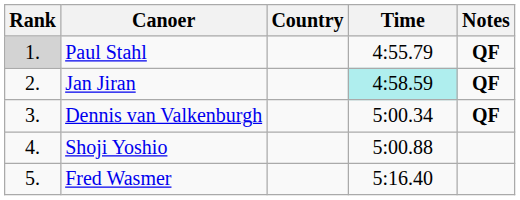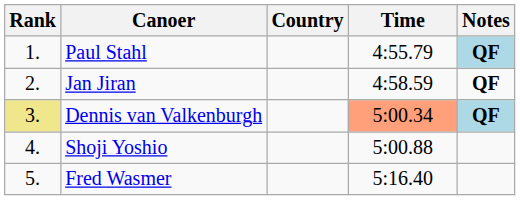 <table class="wikitable sortable" style="text-align:center">
 <tr>
 <th>Rank</th>
 <th>Canoer</th>
 <th>Country</th>
 <th>Time</th>
 <th>Notes</th>
 </tr>
 <tr>
-<td style="background: lightgrey;">1.</td>
+<td>1.</td>
 <td align=left athlete><a href='#'>Paul Stahl</a></td>
 <td align=left></td>
 <td width=80>4:55.79</td>
-<td><strong>QF</strong></td>
+<td style="background: lightblue;"><strong>QF</strong></td>
 </tr>
 <tr>
 <td>2.</td>
 <td align=left athlete><a href='#'>Jan Jiran</a></td>
 <td align=left></td>
-<td style="background: paleturquoise;">4:58.59</td>
+<td>4:58.59</td>
 <td><strong>QF</strong></td>
 </tr>
 <tr>
-<td>3.</td>
+<td style="background: khaki;">3.</td>
 <td align=left athlete><a href='#'>Dennis van Valkenburgh</a></td>
 <td align=left></td>
-<td>5:00.34</td>
-<td><strong>QF</strong></td>
+<td style="background: lightsalmon;">5:00.34</td>
+<td style="background: lightblue;"><strong>QF</strong></td>
 </tr>
 <tr>
 <td>4.</td>
 <td align=left athlete><a href='#'>Shoji Yoshio</a></td>
 <td align=left></td>
 <td>5:00.88</td>
 <td></td>
 </tr>
 <tr>
 <td>5.</td>
 <td align=left athlete><a href='#'>Fred Wasmer</a></td>
 <td align=left></td>
 <td>5:16.40</td>
 </tr>
 </table>
